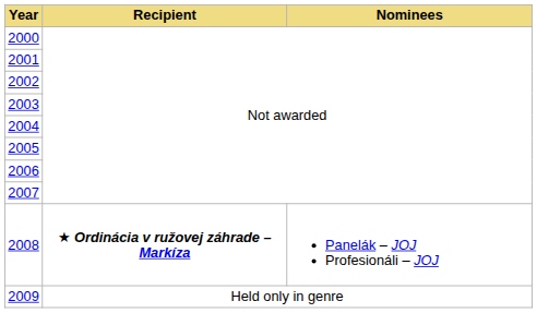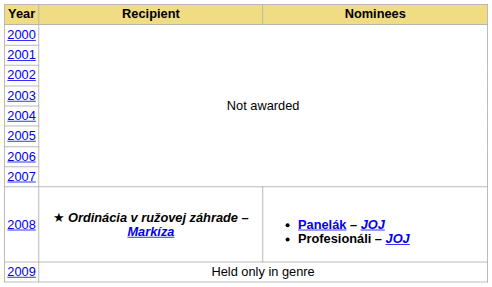 <table class=wikitable sortable style="background:white">
 <tr>
 <th style=background:#F0DC82>Year</th>
 <th style=background:#F0DC82 width=273>Recipient</th>
 <th style=background:#F0DC82 width=273>Nominees</th>
 </tr>
 <tr>
 <td><a href='#'>2000</a></td>
 <td rowspan=8 colspan=2 align=center>Not awarded</td>
 </tr>
 <tr>
 <td><a href='#'>2001</a></td>
 </tr>
 <tr>
 <td><a href='#'>2002</a></td>
 </tr>
 <tr>
 <td><a href='#'>2003</a></td>
 </tr>
 <tr>
 <td><a href='#'>2004</a></td>
 </tr>
 <tr>
 <td><a href='#'>2005</a></td>
 </tr>
 <tr>
 <td><a href='#'>2006</a></td>
 </tr>
 <tr>
 <td><a href='#'>2007</a></td>
 </tr>
 <tr>
 <td><a href='#'>2008</a></td>
 <td align=center>★ <strong><em>Ordinácia v ružovej záhrade<em> – <a href='#'>Markíza</a><strong></td>
-<td><br><ul><li></em><a href='#'>Panelák</a><em> – <a href='#'>JOJ</a></li><li></em>Profesionáli<em> – <a href='#'>JOJ</a></li></ul></td>
+<td><strong><br><ul><li></em><a href='#'>Panelák</a><em> – <a href='#'>JOJ</a></li><li></em>Profesionáli<em> – <a href='#'>JOJ</a></li></ul></strong></td>
 </tr>
 <tr>
 <td><a href='#'>2009</a></td>
 <td colspan=2 align=center>Held only in genre</td>
 </tr>
 </table>
